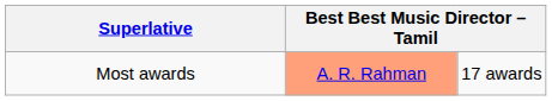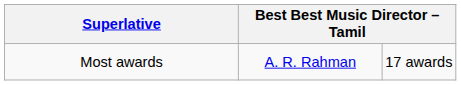 <table class="wikitable" style="text-align: center">
 <tr>
 <th width="25"><strong><a href='#'>Superlative</a></strong></th>
 <th colspan="2" width="100">Best Best Music Director – Tamil</th>
 </tr>
 <tr style="height:2.5em;">
 <td width="250">Most awards</td>
-<td width="150" style="background: lightsalmon;"><a href='#'>A. R. Rahman</a></td>
+<td width="150"><a href='#'>A. R. Rahman</a></td>
 <td>17 awards</td>
 </tr>
 </table>
